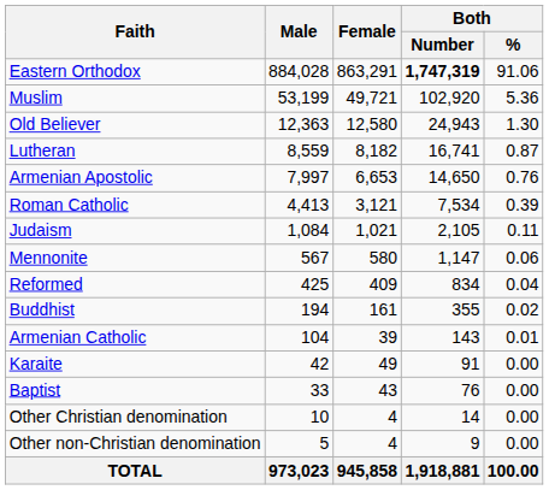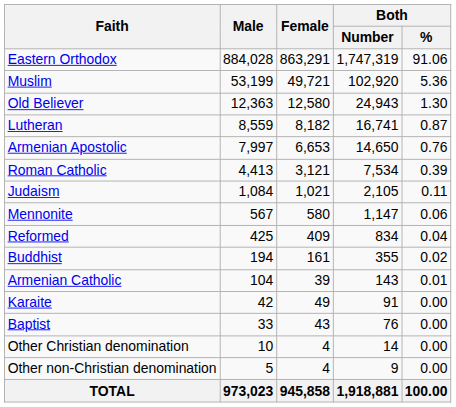 <table class="wikitable sortable">
 <tr>
 <th rowspan="2">Faith</th>
 <th rowspan="2">Male</th>
 <th rowspan="2">Female</th>
 <th colspan="2">Both</th>
 </tr>
 <tr>
 <th>Number</th>
 <th>%</th>
 </tr>
 <tr>
 <td><a href='#'>Eastern Orthodox</a></td>
 <td align="right">884,028</td>
 <td align="right">863,291</td>
-<td align="right"><strong>1,747,319</strong></td>
+<td align="right">1,747,319</td>
 <td align="right">91.06</td>
 </tr>
 <tr>
 <td><a href='#'>Muslim</a></td>
 <td align="right">53,199</td>
 <td align="right">49,721</td>
 <td align="right">102,920</td>
 <td align="right">5.36</td>
 </tr>
 <tr>
 <td><a href='#'>Old Believer</a></td>
 <td align="right">12,363</td>
 <td align="right">12,580</td>
 <td align="right">24,943</td>
 <td align="right">1.30</td>
 </tr>
 <tr>
 <td><a href='#'>Lutheran</a></td>
 <td align="right">8,559</td>
 <td align="right">8,182</td>
 <td align="right">16,741</td>
 <td align="right">0.87</td>
 </tr>
 <tr>
 <td><a href='#'>Armenian Apostolic</a></td>
 <td align="right">7,997</td>
 <td align="right">6,653</td>
 <td align="right">14,650</td>
 <td align="right">0.76</td>
 </tr>
 <tr>
 <td><a href='#'>Roman Catholic</a></td>
 <td align="right">4,413</td>
 <td align="right">3,121</td>
 <td align="right">7,534</td>
 <td align="right">0.39</td>
 </tr>
 <tr>
 <td><a href='#'>Judaism</a></td>
 <td align="right">1,084</td>
 <td align="right">1,021</td>
 <td align="right">2,105</td>
 <td align="right">0.11</td>
 </tr>
 <tr>
 <td><a href='#'>Mennonite</a></td>
 <td align="right">567</td>
 <td align="right">580</td>
 <td align="right">1,147</td>
 <td align="right">0.06</td>
 </tr>
 <tr>
 <td><a href='#'>Reformed</a></td>
 <td align="right">425</td>
 <td align="right">409</td>
 <td align="right">834</td>
 <td align="right">0.04</td>
 </tr>
 <tr>
 <td><a href='#'>Buddhist</a></td>
 <td align="right">194</td>
 <td align="right">161</td>
 <td align="right">355</td>
 <td align="right">0.02</td>
 </tr>
 <tr>
 <td><a href='#'>Armenian Catholic</a></td>
 <td align="right">104</td>
 <td align="right">39</td>
 <td align="right">143</td>
 <td align="right">0.01</td>
 </tr>
 <tr>
 <td><a href='#'>Karaite</a></td>
 <td align="right">42</td>
 <td align="right">49</td>
 <td align="right">91</td>
 <td align="right">0.00</td>
 </tr>
 <tr>
 <td><a href='#'>Baptist</a></td>
 <td align="right">33</td>
 <td align="right">43</td>
 <td align="right">76</td>
 <td align="right">0.00</td>
 </tr>
 <tr>
 <td>Other Christian denomination</td>
 <td align="right">10</td>
 <td align="right">4</td>
 <td align="right">14</td>
 <td align="right">0.00</td>
 </tr>
 <tr>
 <td>Other non-Christian denomination</td>
 <td align="right">5</td>
 <td align="right">4</td>
 <td align="right">9</td>
 <td align="right">0.00</td>
 </tr>
 <tr>
 <th>TOTAL</th>
 <th>973,023</th>
 <th>945,858</th>
 <th>1,918,881</th>
 <th>100.00</th>
 </tr>
 </table>
